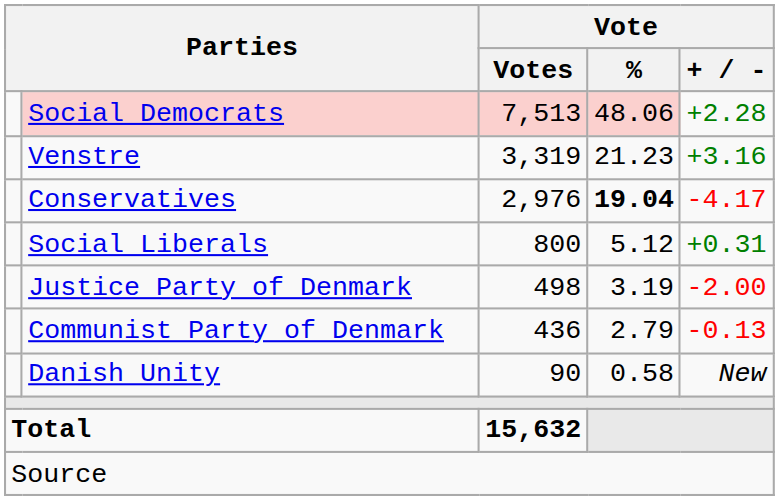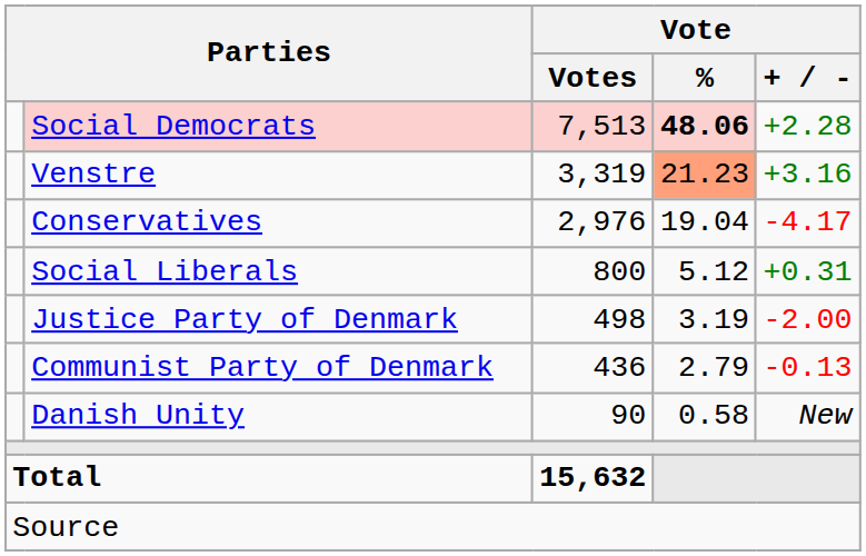 <table class="wikitable" style="text-align:right;">
 <tr>
 <th style="text-align:centre;" rowspan="2" colspan="2" width="225">Parties</th>
 <th colspan="3">Vote</th>
 </tr>
 <tr>
 <th width="15">Votes</th>
 <th width="15">%</th>
 <th width="15">+ / -</th>
 </tr>
 <tr>
 <td width="2" style="color:inherit;background:"></td>
 <td bgcolor=#fbd0ce  align="left"><a href='#'>Social Democrats</a></td>
 <td bgcolor=#fbd0ce>7,513</td>
-<td bgcolor=#fbd0ce>48.06</td>
+<td bgcolor=#fbd0ce><strong>48.06</strong></td>
 <td style=color:green;>+2.28</td>
 </tr>
 <tr>
 <td width="2" style="color:inherit;background:"></td>
 <td align="left"><a href='#'>Venstre</a></td>
 <td>3,319</td>
-<td>21.23</td>
+<td style="background: lightsalmon;">21.23</td>
 <td style=color:green;>+3.16</td>
 </tr>
 <tr>
 <td width="2" style="color:inherit;background:"></td>
 <td align="left"><a href='#'>Conservatives</a></td>
 <td>2,976</td>
-<td><strong>19.04</strong></td>
+<td>19.04</td>
 <td style=color:red;>-4.17</td>
 </tr>
 <tr>
 <td width="2" style="color:inherit;background:"></td>
 <td align="left"><a href='#'>Social Liberals</a></td>
 <td>800</td>
 <td>5.12</td>
 <td style=color:green;>+0.31</td>
 </tr>
 <tr>
 <td width="2" style="color:inherit;background:"></td>
 <td align="left"><a href='#'>Justice Party of Denmark</a></td>
 <td>498</td>
 <td>3.19</td>
 <td style=color:red;>-2.00</td>
 </tr>
 <tr>
 <td width="2" style="color:inherit;background:"></td>
 <td align="left"><a href='#'>Communist Party of Denmark</a></td>
 <td>436</td>
 <td>2.79</td>
 <td style=color:red;>-0.13</td>
 </tr>
 <tr>
 <td width="2" style="color:inherit;background:"></td>
 <td align="left"><a href='#'>Danish Unity</a></td>
 <td>90</td>
 <td>0.58</td>
 <td><em>New</em></td>
 </tr>
 <tr>
 <td colspan="7" bgcolor="#E9E9E9"></td>
 </tr>
 <tr>
 <td align="left" colspan="2"><strong>Total</strong></td>
 <td><strong>15,632</strong></td>
 <td bgcolor="#E9E9E9" colspan="2"></td>
 </tr>
 <tr>
 <td align="left" colspan="6">Source</td>
 </tr>
 </table>
